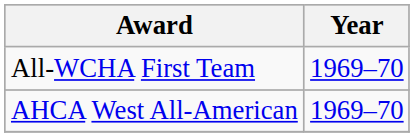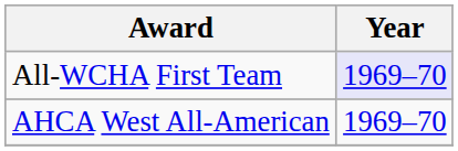 <table class="wikitable">
 <tr>
 <th>Award</th>
 <th>Year</th>
 </tr>
 <tr>
 <td>All-<a href='#'>WCHA</a> <a href='#'>First Team</a></td>
-<td><a href='#'>1969–70</a></td>
+<td style="background: lavender;"><a href='#'>1969–70</a></td>
 </tr>
 <tr>
 <td><a href='#'>AHCA</a> <a href='#'>West All-American</a></td>
 <td><a href='#'>1969–70</a></td>
 </tr>
 <tr>
 </tr>
 </table>
